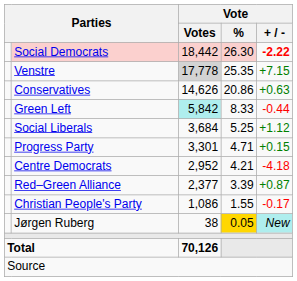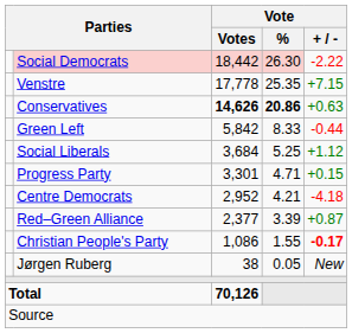 <table class="wikitable" style="text-align:right;">
 <tr>
 <th style="text-align:centre;" rowspan="2" colspan="2" width="225">Parties</th>
 <th colspan="3">Vote</th>
 </tr>
 <tr>
 <th width="15">Votes</th>
 <th width="15">%</th>
 <th width="15">+ / -</th>
 </tr>
 <tr>
 <td width="2" style="color:inherit;background:"></td>
 <td bgcolor=#fbd0ce  align="left"><a href='#'>Social Democrats</a></td>
 <td bgcolor=#fbd0ce>18,442</td>
 <td bgcolor=#fbd0ce>26.30</td>
-<td style=color:red;><strong>-2.22</strong></td>
+<td style=color:red;>-2.22</td>
 </tr>
 <tr>
 <td width="2" style="color:inherit;background:"></td>
 <td align="left"><a href='#'>Venstre</a></td>
-<td style="background: lightgrey;">17,778</td>
+<td>17,778</td>
 <td>25.35</td>
 <td style=color:green;>+7.15</td>
 </tr>
 <tr>
 <td width="2" style="color:inherit;background:"></td>
 <td align="left"><a href='#'>Conservatives</a></td>
-<td>14,626</td>
-<td>20.86</td>
+<td><strong>14,626</strong></td>
+<td><strong>20.86</strong></td>
 <td style=color:green;>+0.63</td>
 </tr>
 <tr>
 <td width="2" style="color:inherit;background:"></td>
 <td align="left"><a href='#'>Green Left</a></td>
-<td style="background: paleturquoise;">5,842</td>
+<td>5,842</td>
 <td>8.33</td>
 <td style=color:red;>-0.44</td>
 </tr>
 <tr>
 <td width="2" style="color:inherit;background:"></td>
 <td align="left"><a href='#'>Social Liberals</a></td>
 <td>3,684</td>
 <td>5.25</td>
 <td style=color:green;>+1.12</td>
 </tr>
 <tr>
 <td width="2" style="color:inherit;background:"></td>
 <td align="left"><a href='#'>Progress Party</a></td>
 <td>3,301</td>
 <td>4.71</td>
 <td style=color:green;>+0.15</td>
 </tr>
 <tr>
 <td width="2" style="color:inherit;background:"></td>
 <td align="left"><a href='#'>Centre Democrats</a></td>
 <td>2,952</td>
 <td>4.21</td>
 <td style=color:red;>-4.18</td>
 </tr>
 <tr>
 <td width="2" style="color:inherit;background:"></td>
 <td align="left"><a href='#'>Red–Green Alliance</a></td>
 <td>2,377</td>
 <td>3.39</td>
 <td style=color:green;>+0.87</td>
 </tr>
 <tr>
 <td width="2" style="color:inherit;background:"></td>
 <td align="left"><a href='#'>Christian People's Party</a></td>
 <td>1,086</td>
 <td>1.55</td>
-<td style=color:red;>-0.17</td>
+<td style=color:red;><strong>-0.17</strong></td>
 </tr>
 <tr>
 <td width="2" style="color:inherit;background:"></td>
 <td align="left">Jørgen Ruberg</td>
 <td>38</td>
-<td style="background: gold;">0.05</td>
-<td style="background: paleturquoise;"><em>New</em></td>
+<td>0.05</td>
+<td><em>New</em></td>
 </tr>
 <tr>
 <td colspan="7" bgcolor="#E9E9E9"></td>
 </tr>
 <tr>
 <td align="left" colspan="2"><strong>Total</strong></td>
 <td><strong>70,126</strong></td>
 <td bgcolor="#E9E9E9" colspan="2"></td>
 </tr>
 <tr>
 <td align="left" colspan="6">Source</td>
 </tr>
 </table>
